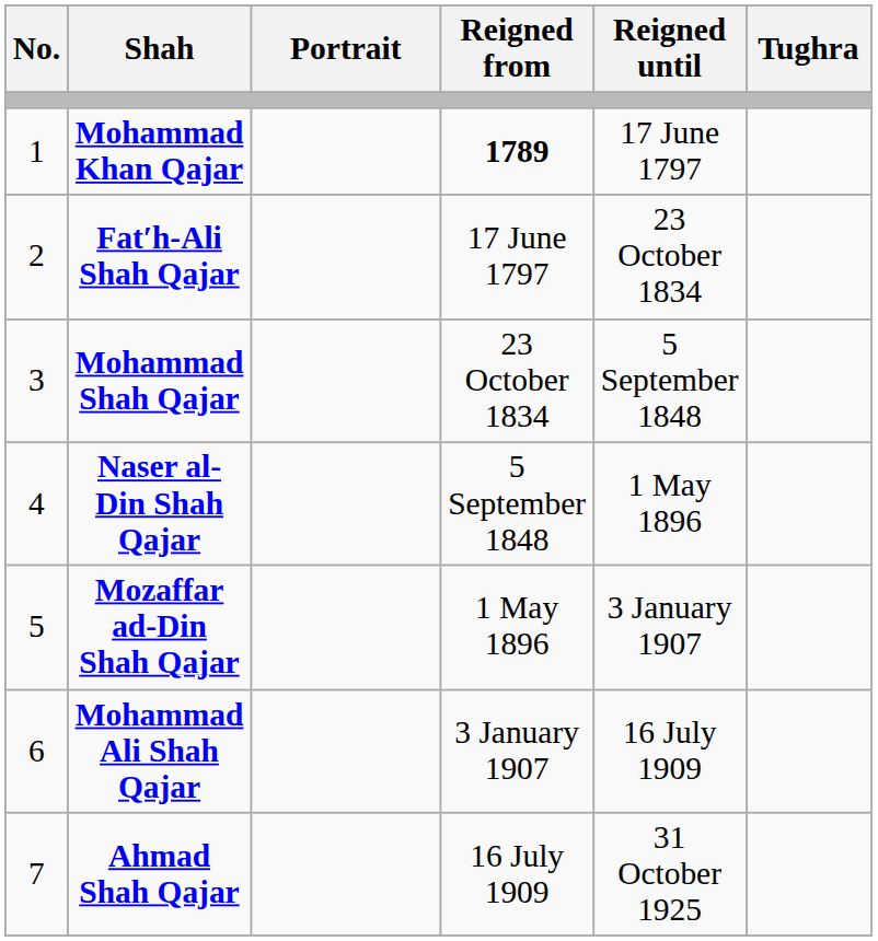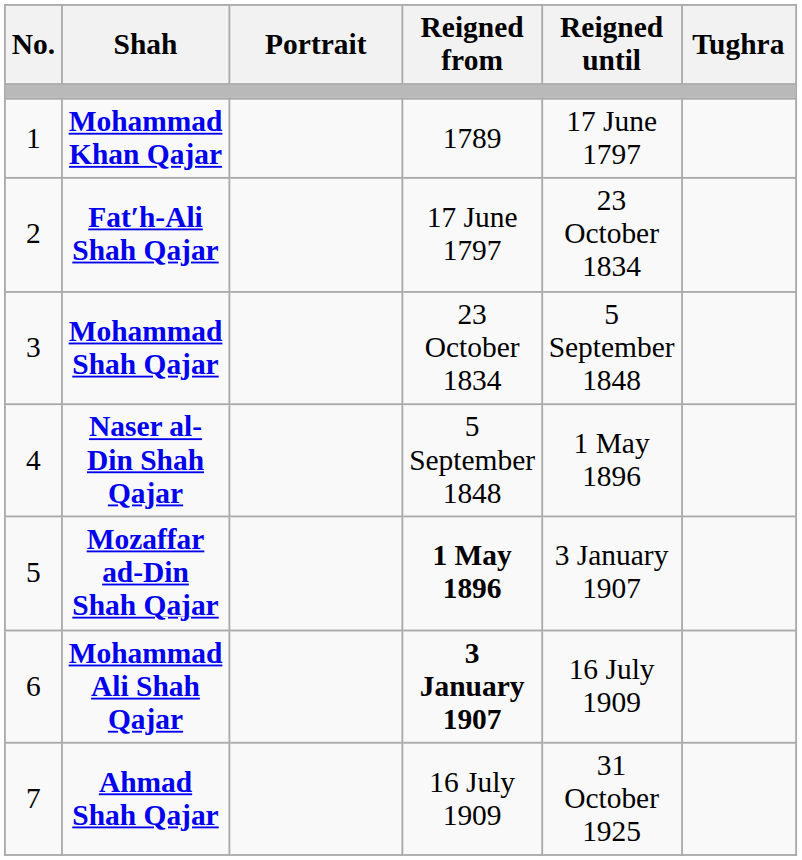 <table class="wikitable" style="width:69%; text-align:center;">
 <tr>
 <th width="5%">No.</th>
 <th width="5%">Shah</th>
 <th width="80px">Portrait</th>
 <th width="10%">Reigned from</th>
 <th width="10%">Reigned until</th>
 <th width="10px">Tughra</th>
 </tr>
 <tr>
 <td colspan=9 style="background:#B9B9B9"></td>
 </tr>
 <tr>
 <td>1</td>
 <td><a href='#'><strong>Mohammad Khan Qajar</strong></a></td>
 <td></td>
-<td><strong>1789</strong></td>
+<td>1789</td>
 <td>17 June 1797</td>
 <td></td>
 </tr>
 <tr>
 <td>2</td>
 <td><strong><a href='#'>Fat′h-Ali Shah Qajar</a></strong></td>
 <td></td>
 <td>17 June 1797</td>
 <td>23 October 1834</td>
 <td></td>
 </tr>
 <tr>
 <td>3</td>
 <td><strong><a href='#'>Mohammad Shah Qajar</a></strong></td>
 <td></td>
 <td>23 October 1834</td>
 <td>5 September 1848</td>
 <td></td>
 </tr>
 <tr>
 <td>4</td>
 <td><strong><a href='#'>Naser al-Din Shah Qajar</a></strong></td>
 <td></td>
 <td>5 September 1848</td>
 <td>1 May 1896</td>
 <td></td>
 </tr>
 <tr>
 <td>5</td>
 <td><strong><a href='#'>Mozaffar ad-Din Shah Qajar</a></strong></td>
 <td></td>
-<td>1 May 1896</td>
+<td><strong>1 May 1896</strong></td>
 <td>3 January 1907</td>
 <td></td>
 </tr>
 <tr>
 <td>6</td>
 <td><strong><a href='#'>Mohammad Ali Shah Qajar</a></strong></td>
 <td></td>
-<td>3 January 1907</td>
+<td><strong>3 January 1907</strong></td>
 <td>16 July 1909</td>
 <td></td>
 </tr>
 <tr>
 <td>7</td>
 <td><strong><a href='#'>Ahmad Shah Qajar</a></strong></td>
 <td></td>
 <td>16 July 1909</td>
 <td>31 October 1925</td>
 <td></td>
 </tr>
 </table>
